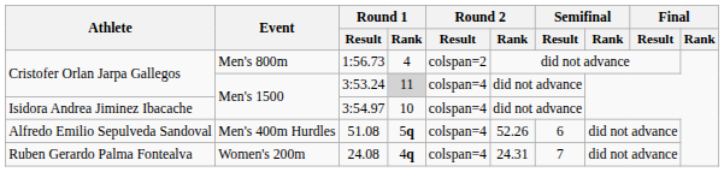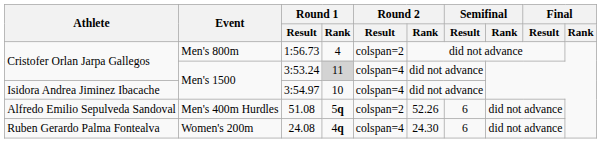 <table class="wikitable" style="font-size:90%">
 <tr>
 <th rowspan="2">Athlete</th>
 <th rowspan="2">Event</th>
 <th colspan="2">Round 1</th>
 <th colspan="2">Round 2</th>
 <th colspan="2">Semifinal</th>
 <th colspan="2">Final</th>
 </tr>
 <tr style="font-size:95%">
 <th>Result</th>
 <th>Rank</th>
 <th>Result</th>
 <th>Rank</th>
 <th>Result</th>
 <th>Rank</th>
 <th>Result</th>
 <th>Rank</th>
 </tr>
 <tr align=center>
 <td align=left rowspan=2>Cristofer Orlan Jarpa Gallegos</td>
 <td align=left>Men's 800m</td>
 <td>1:56.73</td>
 <td>4</td>
 <td>colspan=2 </td>
 <td colspan=4>did not advance</td>
 </tr>
 <tr align=center>
 <td align=left rowspan=2>Men's 1500</td>
 <td>3:53.24</td>
 <td style="background: lightgrey;">11</td>
 <td>colspan=4 </td>
 <td colspan=2>did not advance</td>
 </tr>
 <tr align=center>
 <td align=left>Isidora Andrea Jiminez Ibacache</td>
 <td>3:54.97</td>
 <td>10</td>
 <td>colspan=4 </td>
 <td colspan=2>did not advance</td>
 </tr>
 <tr align=center>
 <td align=left>Alfredo Emilio Sepulveda Sandoval</td>
 <td align=left>Men's 400m Hurdles</td>
 <td>51.08</td>
 <td>5<strong>q</strong></td>
-<td>colspan=4 </td>
+<td>colspan=2 </td>
 <td>52.26</td>
 <td>6</td>
 <td colspan=2>did not advance</td>
 </tr>
 <tr align=center>
 <td align=left>Ruben Gerardo Palma Fontealva</td>
 <td align=left>Women's 200m</td>
 <td>24.08</td>
 <td>4<strong>q</strong></td>
 <td>colspan=4 </td>
-<td>24.31</td>
-<td>7</td>
+<td>24.30</td>
+<td>6</td>
 <td colspan=2>did not advance</td>
 </tr>
 </table>
